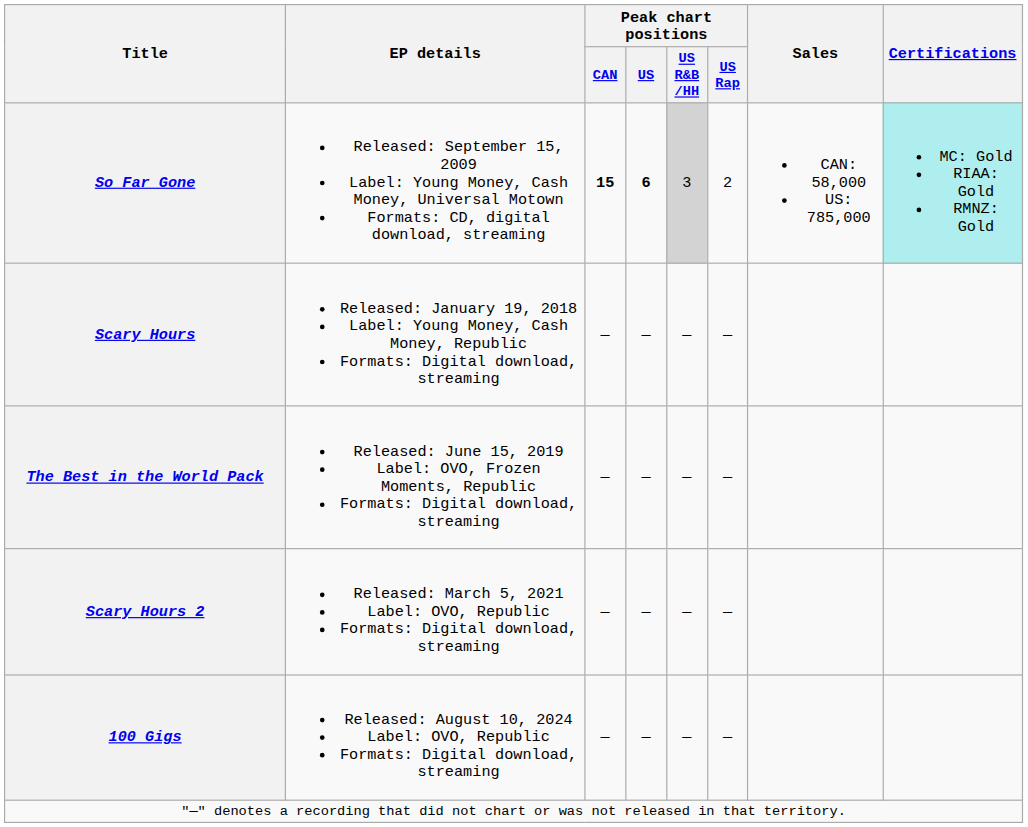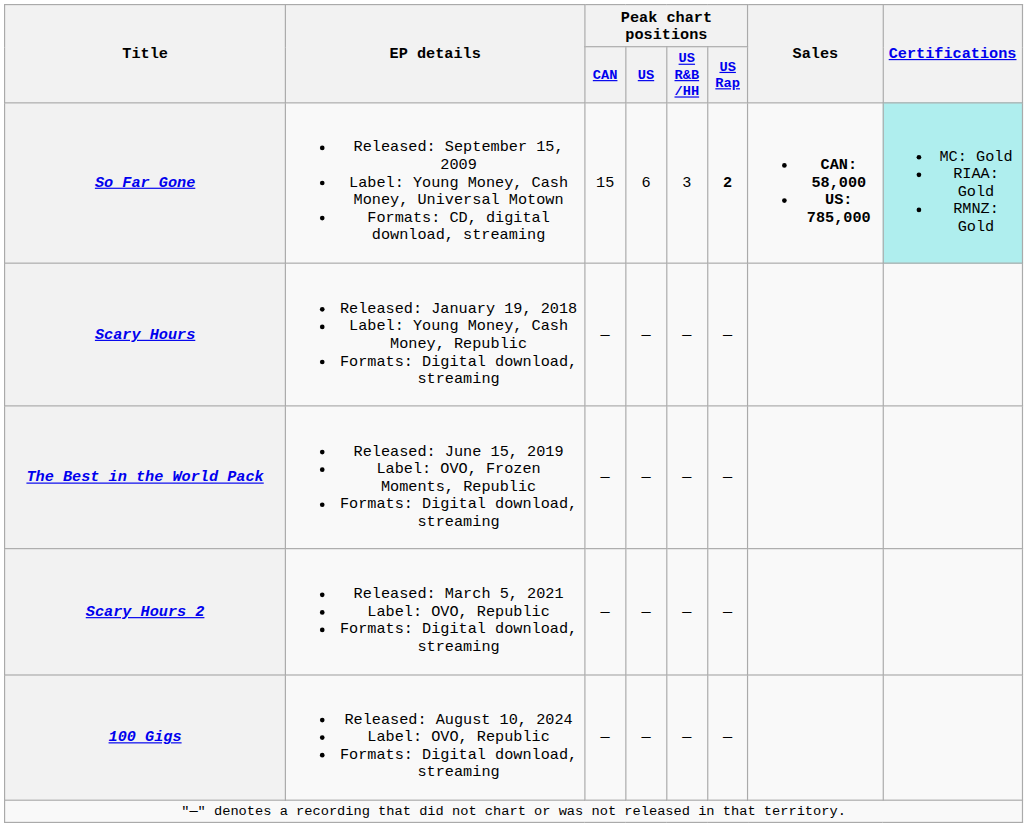 <table class="wikitable plainrowheaders" style="text-align:center;">
 <tr>
 <th scope="col" rowspan="2" style="width:18em;">Title</th>
 <th scope="col" rowspan="2">EP details</th>
 <th scope="col" colspan="4">Peak chart positions</th>
 <th scope="col" rowspan="2">Sales</th>
 <th scope="col" rowspan="2"><a href='#'>Certifications</a></th>
 </tr>
 <tr>
 <th scope="col" style="width:2.5em;font-size:90%;"><a href='#'>CAN</a><br></th>
 <th scope="col" style="width:2.5em;font-size:90%;"><a href='#'>US</a><br></th>
 <th scope="col" style="width:2.5em;font-size:90%;"><a href='#'>US<br>R&B<br>/HH</a><br></th>
 <th scope="col" style="width:2.5em;font-size:90%;"><a href='#'>US<br>Rap</a><br></th>
 </tr>
 <tr>
 <th scope="row"><em><a href='#'>So Far Gone</a></em></th>
 <td><br><ul><li>Released: September 15, 2009</li><li>Label: Young Money, Cash Money, Universal Motown</li><li>Formats: CD, digital download, streaming</li></ul></td>
-<td><strong>15</strong></td>
-<td><strong>6</strong></td>
-<td style="background: lightgrey;">3</td>
-<td>2</td>
-<td><br><ul><li>CAN: 58,000</li><li>US: 785,000</li></ul></td>
+<td>15</td>
+<td>6</td>
+<td>3</td>
+<td><strong>2</strong></td>
+<td><strong><br><ul><li>CAN: 58,000</li><li>US: 785,000</li></ul></strong></td>
 <td style="background: paleturquoise;"><br><ul><li>MC: Gold</li><li>RIAA: Gold</li><li>RMNZ: Gold</li></ul></td>
 </tr>
 <tr>
 <th scope="row"><em><a href='#'>Scary Hours</a></em></th>
 <td><br><ul><li>Released: January 19, 2018</li><li>Label: Young Money, Cash Money, Republic</li><li>Formats: Digital download, streaming</li></ul></td>
 <td>—</td>
 <td>—</td>
 <td>—</td>
 <td>—</td>
 <td></td>
 <td></td>
 </tr>
 <tr>
 <th scope="row"><em><a href='#'>The Best in the World Pack</a></em></th>
 <td><br><ul><li>Released: June 15, 2019</li><li>Label: OVO, Frozen Moments, Republic</li><li>Formats: Digital download, streaming</li></ul></td>
 <td>—</td>
 <td>—</td>
 <td>—</td>
 <td>—</td>
 <td></td>
 <td></td>
 </tr>
 <tr>
 <th scope="row"><em><a href='#'>Scary Hours 2</a></em></th>
 <td><br><ul><li>Released: March 5, 2021</li><li>Label: OVO, Republic</li><li>Formats: Digital download, streaming</li></ul></td>
 <td>—</td>
 <td>—</td>
 <td>—</td>
 <td>—</td>
 <td></td>
 <td></td>
 </tr>
 <tr>
 <th scope="row"><em><a href='#'>100 Gigs</a></em></th>
 <td><br><ul><li>Released: August 10, 2024</li><li>Label: OVO, Republic</li><li>Formats: Digital download, streaming</li></ul></td>
 <td>—</td>
 <td>—</td>
 <td>—</td>
 <td>—</td>
 <td></td>
 <td></td>
 </tr>
 <tr>
 <td colspan="12" style="font-size:90%">"—" denotes a recording that did not chart or was not released in that territory.</td>
 </tr>
 </table>
